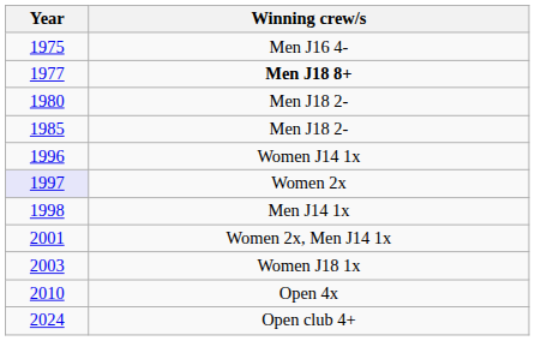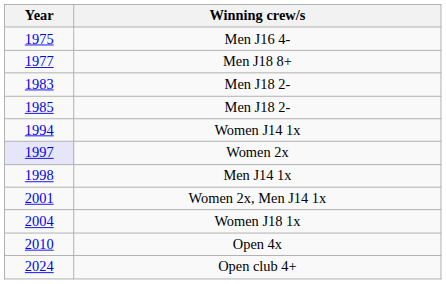 <table class="wikitable" style="text-align:center">
 <tr>
 <th width=70>Year</th>
 <th width=400>Winning crew/s</th>
 </tr>
 <tr>
 <td><a href='#'>1975</a></td>
 <td>Men J16 4-</td>
 </tr>
 <tr>
 <td><a href='#'>1977</a></td>
-<td><strong>Men J18 8+</strong></td>
+<td>Men J18 8+</td>
 </tr>
 <tr>
-<td><a href='#'>1980</a></td>
+<td><a href='#'>1983</a></td>
 <td>Men J18 2-</td>
 </tr>
 <tr>
 <td><a href='#'>1985</a></td>
 <td>Men J18 2-</td>
 </tr>
 <tr>
-<td><a href='#'>1996</a></td>
+<td><a href='#'>1994</a></td>
 <td>Women J14 1x</td>
 </tr>
 <tr>
 <td style="background: lavender;"><a href='#'>1997</a></td>
 <td>Women 2x</td>
 </tr>
 <tr>
 <td><a href='#'>1998</a></td>
 <td>Men J14 1x</td>
 </tr>
 <tr>
 <td><a href='#'>2001</a></td>
 <td>Women 2x, Men J14 1x</td>
 </tr>
 <tr>
-<td><a href='#'>2003</a></td>
+<td><a href='#'>2004</a></td>
 <td>Women J18 1x</td>
 </tr>
 <tr>
 <td><a href='#'>2010</a></td>
 <td>Open 4x </td>
 </tr>
 <tr>
 <td><a href='#'>2024</a></td>
 <td>Open club 4+</td>
 </tr>
 </table>
